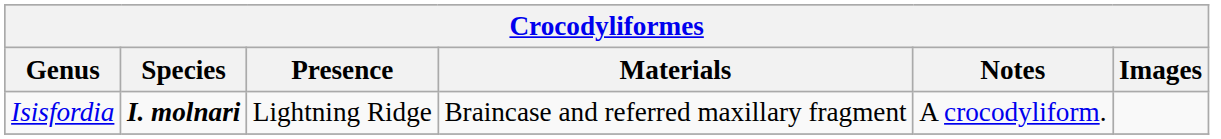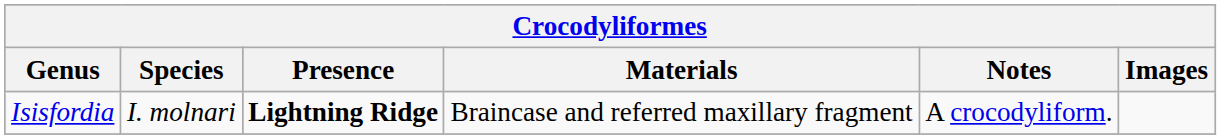 <table class="wikitable" align="center">
 <tr>
 <th colspan="6" align="center"><strong><a href='#'>Crocodyliformes</a></strong></th>
 </tr>
 <tr>
 <th>Genus</th>
 <th>Species</th>
 <th>Presence</th>
 <th>Materials</th>
 <th>Notes</th>
 <th>Images</th>
 </tr>
 <tr>
 <td><em><a href='#'>Isisfordia</a></em></td>
-<td><strong><em>I. molnari</em></strong></td>
-<td>Lightning Ridge</td>
+<td><em>I. molnari</em></td>
+<td><strong>Lightning Ridge</strong></td>
 <td>Braincase and referred maxillary fragment</td>
 <td>A <a href='#'>crocodyliform</a>.</td>
 <td></td>
 </tr>
 </table>
